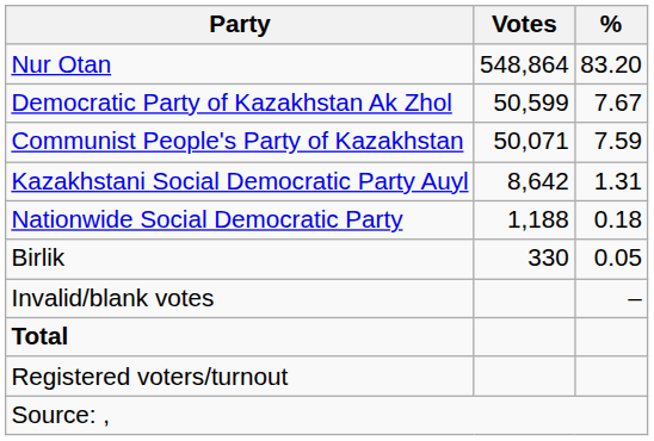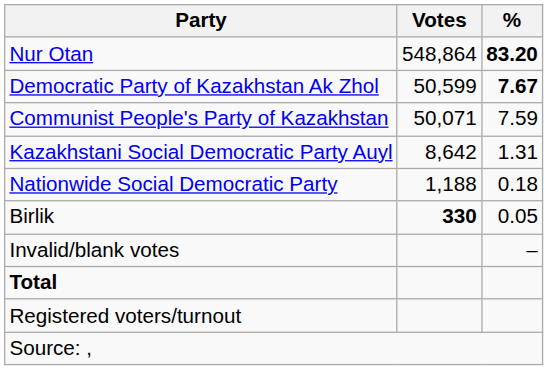 <table class=wikitable style=text-align:right>
 <tr>
 <th>Party</th>
 <th>Votes</th>
 <th>%</th>
 </tr>
 <tr>
 <td align=left><a href='#'>Nur Otan</a></td>
 <td>548,864</td>
-<td>83.20</td>
+<td><strong>83.20</strong></td>
 </tr>
 <tr>
 <td align=left><a href='#'>Democratic Party of Kazakhstan Ak Zhol</a></td>
 <td>50,599</td>
-<td>7.67</td>
+<td><strong>7.67</strong></td>
 </tr>
 <tr>
 <td align=left><a href='#'>Communist People's Party of Kazakhstan</a></td>
 <td>50,071</td>
 <td>7.59</td>
 </tr>
 <tr>
 <td align=left><a href='#'>Kazakhstani Social Democratic Party Auyl</a></td>
 <td>8,642</td>
 <td>1.31</td>
 </tr>
 <tr>
 <td align=left><a href='#'>Nationwide Social Democratic Party</a></td>
 <td>1,188</td>
 <td>0.18</td>
 </tr>
 <tr>
 <td align=left>Birlik</td>
-<td>330</td>
+<td><strong>330</strong></td>
 <td>0.05</td>
 </tr>
 <tr>
 <td align=left>Invalid/blank votes</td>
 <td></td>
 <td>–</td>
 </tr>
 <tr>
 <td align=left><strong>Total</strong></td>
 <td></td>
 <td></td>
 </tr>
 <tr>
 <td align=left>Registered voters/turnout</td>
 <td></td>
 <td></td>
 </tr>
 <tr>
 <td align=left colspan=5>Source: , </td>
 </tr>
 </table>
